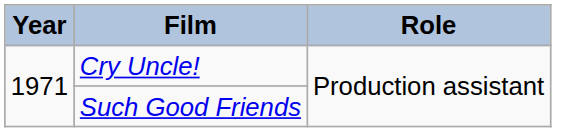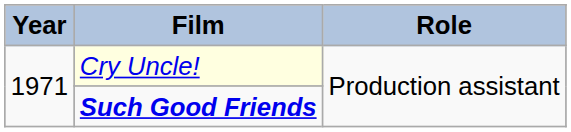 <table class="wikitable" style="font-size:95%;">
 <tr>
 <th style="background:#B0C4DE;">Year</th>
 <th style="background:#B0C4DE;">Film</th>
 <th style="background:#B0C4DE;">Role</th>
 </tr>
 <tr>
 <td rowspan=2>1971</td>
-<td><em><a href='#'>Cry Uncle!</a></em></td>
+<td style="background: lightyellow;"><em><a href='#'>Cry Uncle!</a></em></td>
 <td rowspan=2>Production assistant</td>
 </tr>
 <tr>
-<td><em><a href='#'>Such Good Friends</a></em></td>
+<td><strong><em><a href='#'>Such Good Friends</a></em></strong></td>
 </tr>
 </table>
